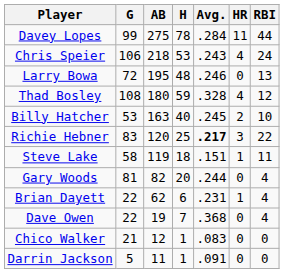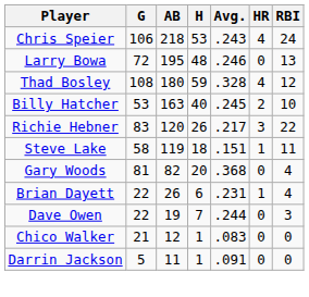 <table class="wikitable sortable" style="text-align:center">
 <tr>
 <th>Player</th>
 <th>G</th>
 <th>AB</th>
 <th>H</th>
 <th>Avg.</th>
 <th>HR</th>
 <th>RBI</th>
-</tr>
-<tr>
-<td><a href='#'>Davey Lopes</a></td>
-<td>99</td>
-<td>275</td>
-<td>78</td>
-<td>.284</td>
-<td>11</td>
-<td>44</td>
 </tr>
 <tr>
 <td><a href='#'>Chris Speier</a></td>
 <td>106</td>
 <td>218</td>
 <td>53</td>
 <td>.243</td>
 <td>4</td>
 <td>24</td>
 </tr>
 <tr>
 <td><a href='#'>Larry Bowa</a></td>
 <td>72</td>
 <td>195</td>
 <td>48</td>
 <td>.246</td>
 <td>0</td>
 <td>13</td>
 </tr>
 <tr>
 <td><a href='#'>Thad Bosley</a></td>
 <td>108</td>
 <td>180</td>
 <td>59</td>
 <td>.328</td>
 <td>4</td>
 <td>12</td>
 </tr>
 <tr>
 <td><a href='#'>Billy Hatcher</a></td>
 <td>53</td>
 <td>163</td>
 <td>40</td>
 <td>.245</td>
 <td>2</td>
 <td>10</td>
 </tr>
 <tr>
 <td><a href='#'>Richie Hebner</a></td>
 <td>83</td>
 <td>120</td>
-<td>25</td>
-<td><strong>.217</strong></td>
+<td>26</td>
+<td>.217</td>
 <td>3</td>
 <td>22</td>
 </tr>
 <tr>
 <td><a href='#'>Steve Lake</a></td>
 <td>58</td>
 <td>119</td>
 <td>18</td>
 <td>.151</td>
 <td>1</td>
 <td>11</td>
 </tr>
 <tr>
 <td><a href='#'>Gary Woods</a></td>
 <td>81</td>
 <td>82</td>
 <td>20</td>
-<td>.244</td>
+<td>.368</td>
 <td>0</td>
 <td>4</td>
 </tr>
 <tr>
 <td><a href='#'>Brian Dayett</a></td>
 <td>22</td>
-<td>62</td>
+<td>26</td>
 <td>6</td>
 <td>.231</td>
 <td>1</td>
 <td>4</td>
 </tr>
 <tr>
 <td><a href='#'>Dave Owen</a></td>
 <td>22</td>
 <td>19</td>
 <td>7</td>
-<td>.368</td>
+<td>.244</td>
 <td>0</td>
-<td>4</td>
+<td>3</td>
 </tr>
 <tr>
 <td><a href='#'>Chico Walker</a></td>
 <td>21</td>
 <td>12</td>
 <td>1</td>
 <td>.083</td>
 <td>0</td>
 <td>0</td>
 </tr>
 <tr>
 <td><a href='#'>Darrin Jackson</a></td>
 <td>5</td>
 <td>11</td>
 <td>1</td>
 <td>.091</td>
 <td>0</td>
 <td>0</td>
 </tr>
 </table>
